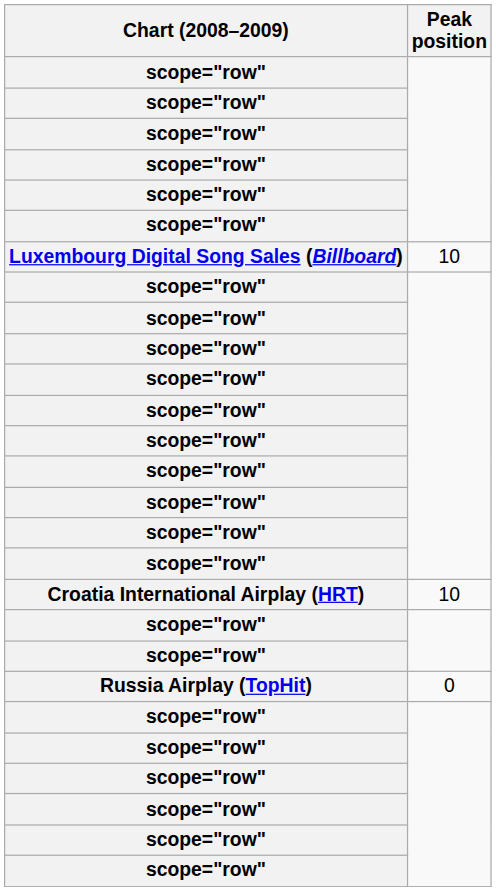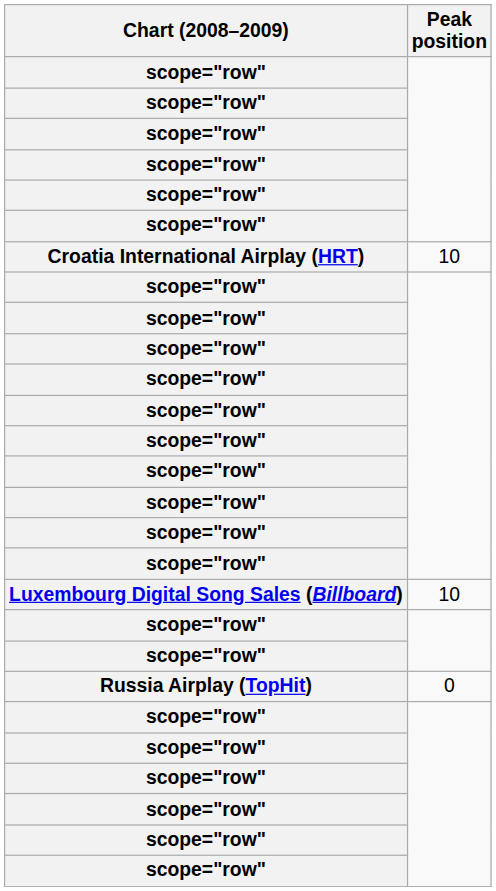 <table class="wikitable sortable plainrowheaders" style="text-align:center">
 <tr>
 <th>Chart (2008–2009)</th>
 <th>Peak<br>position</th>
 </tr>
 <tr>
 <th>scope="row"</th>
 </tr>
 <tr>
 <th>scope="row"</th>
 </tr>
 <tr>
 <th>scope="row"</th>
 </tr>
 <tr>
 <th>scope="row"</th>
 </tr>
 <tr>
 <th>scope="row"</th>
 </tr>
 <tr>
 <th>scope="row"</th>
 </tr>
 <tr>
-<th scope="row"><a href='#'>Luxembourg Digital Song Sales</a> (<em><a href='#'>Billboard</a></em>)</th>
-<td style="text-align:center;">10</td>
+<th scope="row">Croatia International Airplay (<a href='#'>HRT</a>)</th>
+<td>10</td>
 </tr>
 <tr>
 <th>scope="row"</th>
 </tr>
 <tr>
 <th>scope="row"</th>
 </tr>
 <tr>
 <th>scope="row"</th>
 </tr>
 <tr>
 <th>scope="row"</th>
 </tr>
 <tr>
 <th>scope="row"</th>
 </tr>
 <tr>
 <th>scope="row"</th>
 </tr>
 <tr>
 <th>scope="row"</th>
 </tr>
 <tr>
 <th>scope="row"</th>
 </tr>
 <tr>
 <th>scope="row"</th>
 </tr>
 <tr>
 <th>scope="row"</th>
 </tr>
 <tr>
-<th scope="row">Croatia International Airplay (<a href='#'>HRT</a>)</th>
-<td>10</td>
+<th scope="row"><a href='#'>Luxembourg Digital Song Sales</a> (<em><a href='#'>Billboard</a></em>)</th>
+<td style="text-align:center;">10</td>
 </tr>
 <tr>
 <th>scope="row"</th>
 </tr>
 <tr>
 <th>scope="row"</th>
 </tr>
 <tr>
 <th scope="row">Russia Airplay (<a href='#'>TopHit</a>)</th>
 <td style="text-align:center;">0</td>
 </tr>
 <tr>
 <th>scope="row"</th>
 </tr>
 <tr>
 <th>scope="row"</th>
 </tr>
 <tr>
 <th>scope="row"</th>
 </tr>
 <tr>
 <th>scope="row"</th>
 </tr>
 <tr>
 <th>scope="row"</th>
 </tr>
 <tr>
 <th>scope="row"</th>
 </tr>
 </table>
